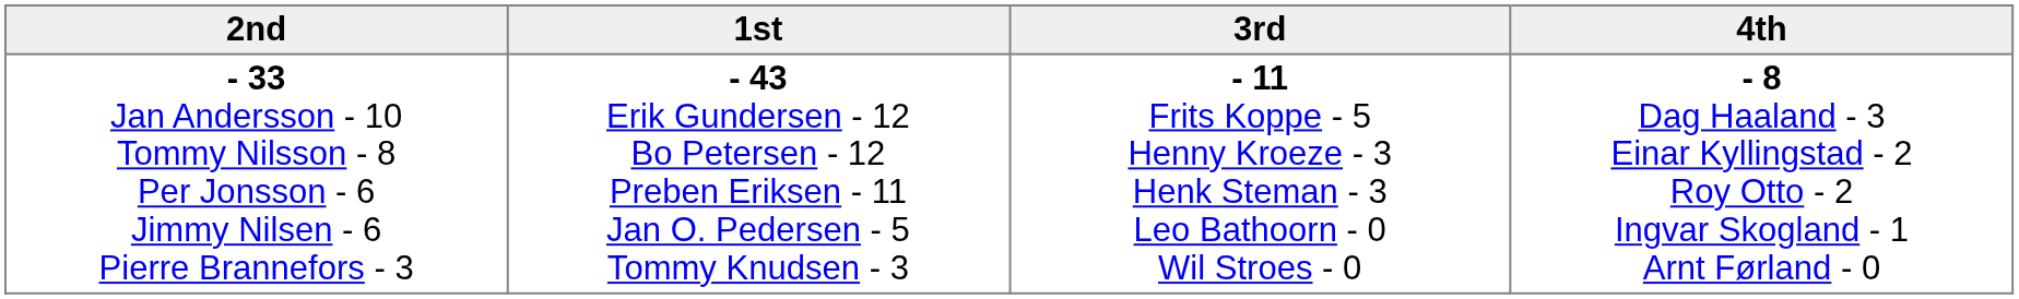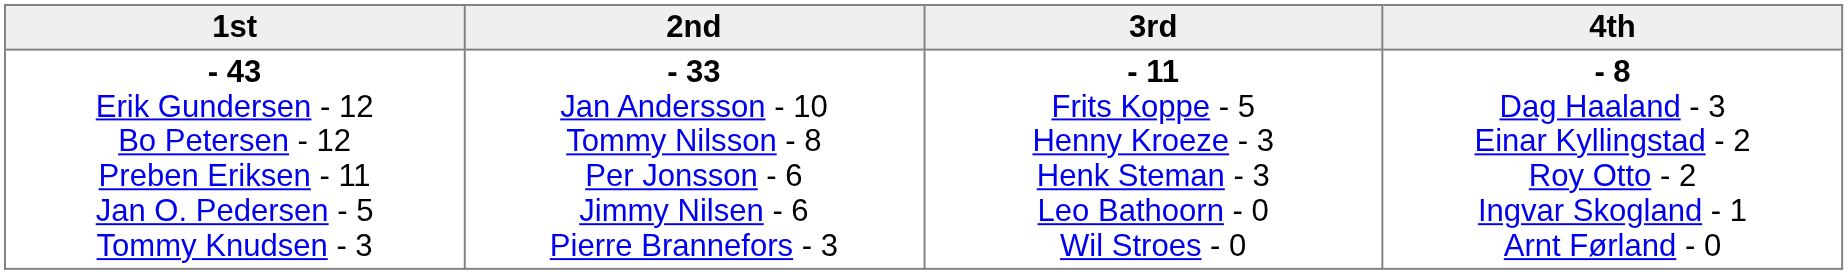 <table border=1 cellpadding=2 cellspacing=0 width=75% style="border-collapse:collapse">
 <tr align=center style="background:#efefef;">
+<th width=20% >1st</th>
 <th width=20% >2nd</th>
-<th width=20% >1st</th>
 <th width=20% >3rd</th>
 <th width=20%>4th</th>
 </tr>
 <tr align=center>
+<td valign=top ><strong> - 43</strong><br><a href='#'>Erik Gundersen</a> - 12 <br><a href='#'>Bo Petersen</a> - 12 <br><a href='#'>Preben Eriksen</a> - 11 <br><a href='#'>Jan O. Pedersen</a> - 5 <br><a href='#'>Tommy Knudsen</a> - 3</td>
 <td valign=top ><strong> - 33</strong><br><a href='#'>Jan Andersson</a> - 10 <br><a href='#'>Tommy Nilsson</a> - 8 <br><a href='#'>Per Jonsson</a> - 6 <br><a href='#'>Jimmy Nilsen</a> - 6 <br><a href='#'>Pierre Brannefors</a> - 3</td>
-<td valign=top ><strong> - 43</strong><br><a href='#'>Erik Gundersen</a> - 12 <br><a href='#'>Bo Petersen</a> - 12 <br><a href='#'>Preben Eriksen</a> - 11 <br><a href='#'>Jan O. Pedersen</a> - 5 <br><a href='#'>Tommy Knudsen</a> - 3</td>
 <td valign=top ><strong> - 11</strong><br><a href='#'>Frits Koppe</a> - 5 <br><a href='#'>Henny Kroeze</a> - 3 <br><a href='#'>Henk Steman</a> - 3 <br><a href='#'>Leo Bathoorn</a> - 0 <br><a href='#'>Wil Stroes</a> - 0</td>
 <td valign=top><strong> - 8</strong><br><a href='#'>Dag Haaland</a> - 3 <br><a href='#'>Einar Kyllingstad</a> - 2 <br><a href='#'>Roy Otto</a> - 2 <br><a href='#'>Ingvar Skogland</a> - 1 <br><a href='#'>Arnt Førland</a> - 0</td>
 </tr>
 </table>
